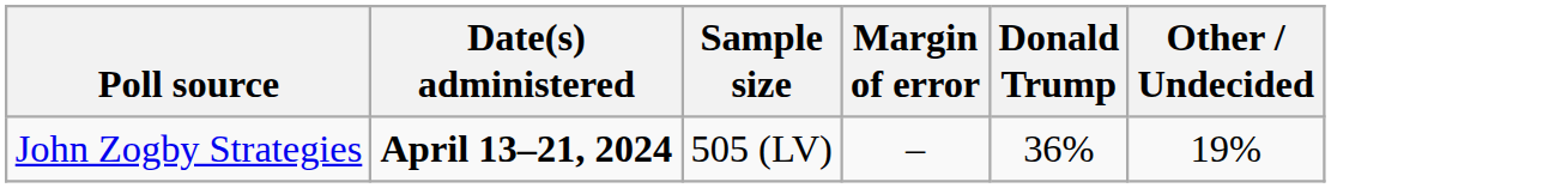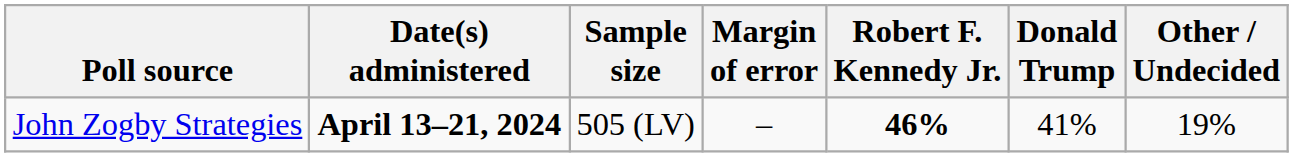 <table class="wikitable sortable mw-datatable" style="font-size:90%;text-align:center;line-height:17px">
 <tr valign=bottom>
 <th>Poll source</th>
 <th>Date(s)<br>administered</th>
 <th>Sample<br>size</th>
 <th>Margin<br>of error</th>
+<th class="unsortable">Robert F.<br>Kennedy Jr.<br></th>
 <th class="unsortable">Donald<br>Trump<br></th>
 <th class="unsortable">Other /<br>Undecided</th>
 </tr>
 <tr>
 <td style="text-align:left;"><a href='#'>John Zogby Strategies</a></td>
 <td data-sort-value="2024-05-01"><strong>April 13–21, 2024</strong></td>
 <td>505 (LV)</td>
 <td>–</td>
-<td>36%</td>
+<td style="background-color:"><strong>46%</strong></td>
+<td>41%</td>
 <td>19%</td>
 </tr>
 </table>
